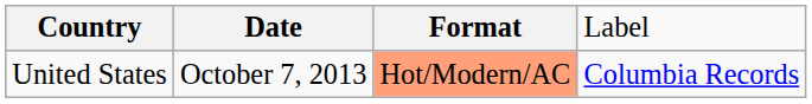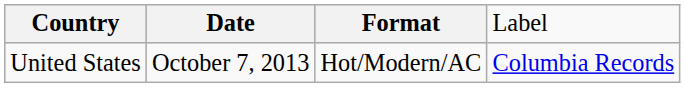 <table class="wikitable plainrowheaders">
 <tr>
 <th>Country</th>
 <th>Date</th>
 <th>Format</th>
 <td>Label</td>
 </tr>
 <tr>
 <td>United States</td>
 <td>October 7, 2013</td>
-<td style="background: lightsalmon;">Hot/Modern/AC</td>
+<td>Hot/Modern/AC</td>
 <td><a href='#'>Columbia Records</a></td>
 </tr>
 </table>
